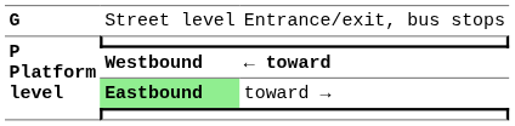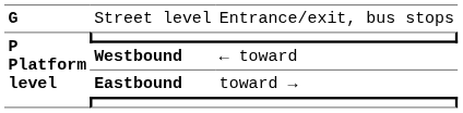 <table table border=0 cellspacing=0 cellpadding=3>
 <tr>
 <td style="border-top:solid 1px gray" width=50 valign=top><strong>G</strong></td>
 <td style="border-top:solid 1px gray" valign=top>Street level</td>
 <td style="border-top:solid 1px gray" valign=top>Entrance/exit, bus stops</td>
 </tr>
 <tr>
 <td style="border-top:solid 1px gray;border-bottom:solid 1px gray" width=50 rowspan=5 valign=top><strong>P <br>Platform level</strong></td>
 <td style="border-top:solid 1px gray;border-right:solid 2px black;border-left:solid 2px black;border-bottom:solid 2px black;text-align:center" colspan=2></td>
 </tr>
 <tr>
 <td style="border-bottom:solid 1px gray"><strong>Westbound</strong></td>
-<td style="border-bottom:solid 1px gray"><strong>←  toward  </strong></td>
+<td style="border-bottom:solid 1px gray">←  toward  </td>
 </tr>
 <tr>
-<td style="background: lightgreen;"><strong>Eastbound</strong></td>
+<td><strong>Eastbound</strong></td>
 <td>  toward   →</td>
 </tr>
 <tr>
 <td style="border-right:solid 2px black;border-left:solid 2px black;border-top:solid 2px black;border-bottom:solid 1px gray;text-align:center" colspan=2></td>
 </tr>
 </table>
